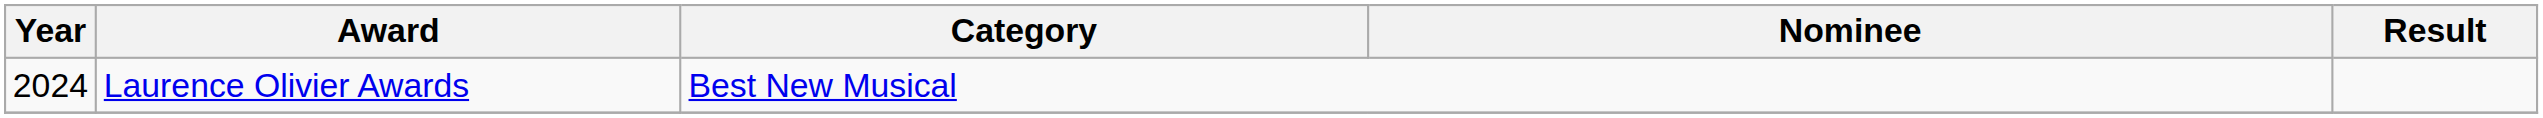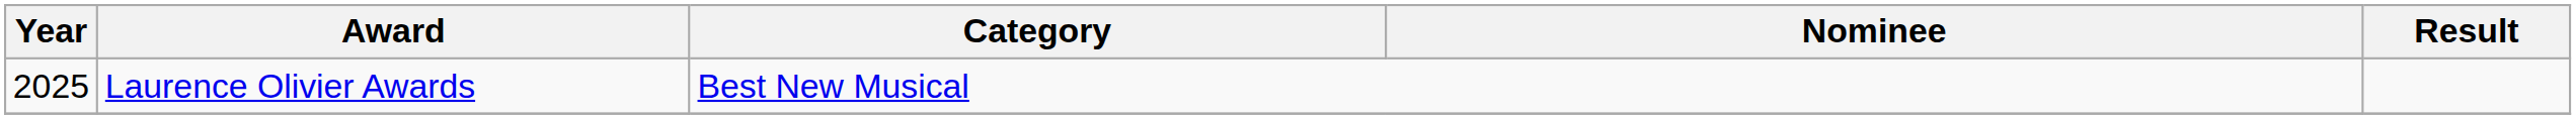 <table class="wikitable" width="95%">
 <tr>
 <th scope="col" width="3%">Year</th>
 <th scope="col" width="23%">Award</th>
 <th scope="col" width="27%">Category</th>
 <th scope="col" width="38%">Nominee</th>
 <th scope="col" width="8%">Result</th>
 </tr>
 <tr>
-<td>2024</td>
+<td>2025</td>
 <td><a href='#'>Laurence Olivier Awards</a></td>
 <td colspan="2'"><a href='#'>Best New Musical</a></td>
 <td></td>
 </tr>
 <tr>
 </tr>
 </table>
